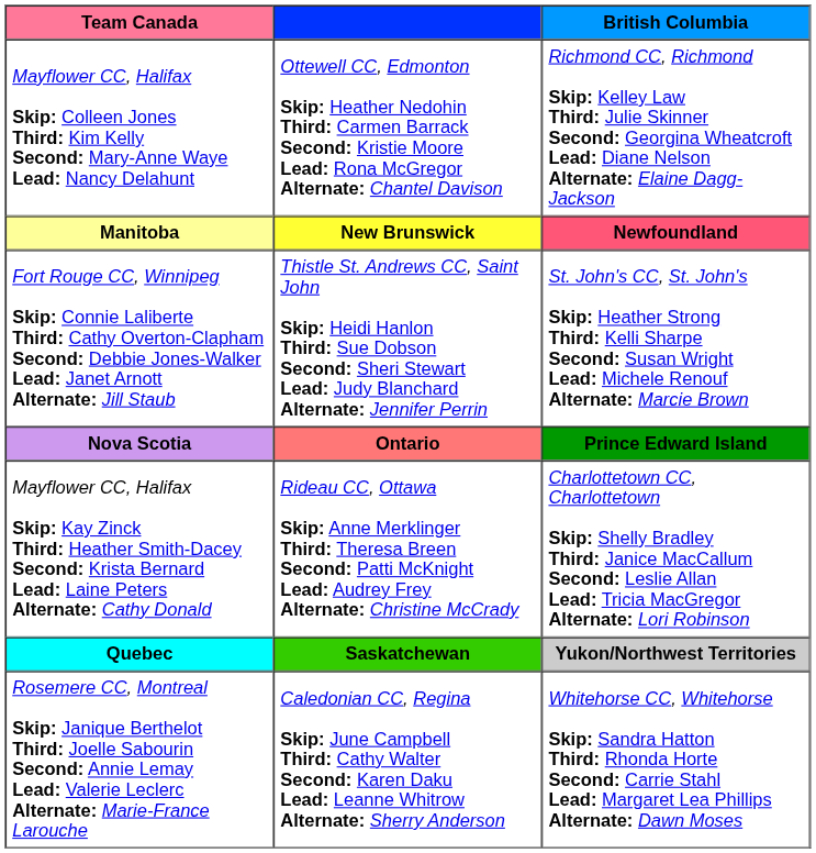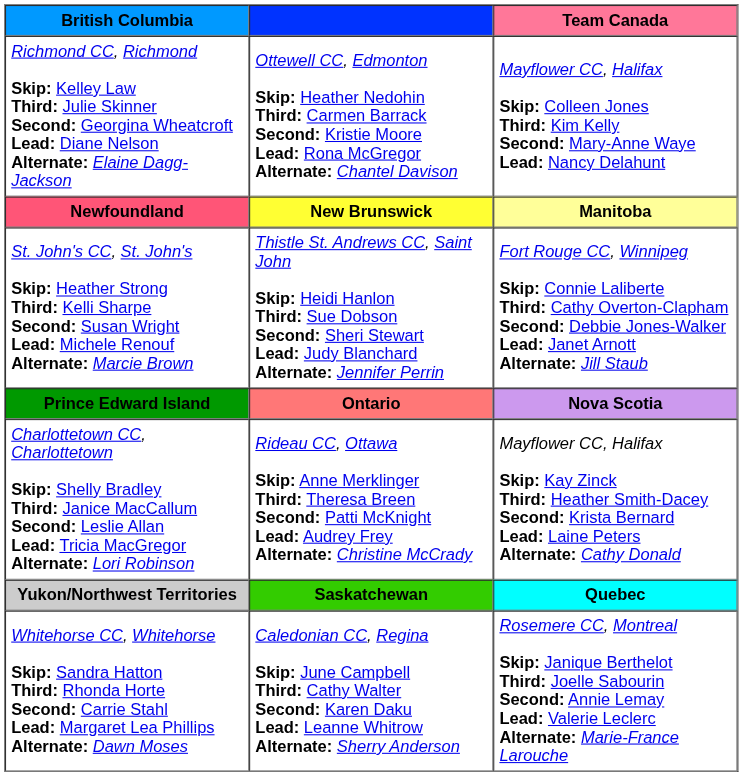 <table border=1 cellpadding=5 cellspacing=0>
 <tr>
+<th bgcolor="#0099ff" width="225">British Columbia</th>
+<th bgcolor="#0033ff" width="225"></th>
 <th bgcolor="#ff7799" width="225">Team Canada</th>
-<th bgcolor="#0033ff" width="225"></th>
-<th bgcolor="#0099ff" width="225">British Columbia</th>
 </tr>
 <tr align=center>
+<td align=left><em><a href='#'>Richmond CC</a>, <a href='#'>Richmond</a></em><br><br><strong>Skip:</strong> <a href='#'>Kelley Law</a><br> <strong>Third:</strong> <a href='#'>Julie Skinner</a><br> <strong>Second:</strong> <a href='#'>Georgina Wheatcroft</a><br> <strong>Lead:</strong> <a href='#'>Diane Nelson</a><br> <strong>Alternate:</strong> <em><a href='#'>Elaine Dagg-Jackson</a></em></td>
+<td align=left><em><a href='#'>Ottewell CC</a>, <a href='#'>Edmonton</a></em><br><br><strong>Skip:</strong> <a href='#'>Heather Nedohin</a><br> <strong>Third:</strong> <a href='#'>Carmen Barrack</a><br> <strong>Second:</strong> <a href='#'>Kristie Moore</a><br> <strong>Lead:</strong> <a href='#'>Rona McGregor</a><br> <strong>Alternate:</strong> <em><a href='#'>Chantel Davison</a></em></td>
 <td align=left><em><a href='#'>Mayflower CC</a>, <a href='#'>Halifax</a></em><br><br><strong>Skip:</strong> <a href='#'>Colleen Jones</a><br> <strong>Third:</strong> <a href='#'>Kim Kelly</a><br> <strong>Second:</strong> <a href='#'>Mary-Anne Waye</a><br> <strong>Lead:</strong> <a href='#'>Nancy Delahunt</a><br></td>
-<td align=left><em><a href='#'>Ottewell CC</a>, <a href='#'>Edmonton</a></em><br><br><strong>Skip:</strong> <a href='#'>Heather Nedohin</a><br> <strong>Third:</strong> <a href='#'>Carmen Barrack</a><br> <strong>Second:</strong> <a href='#'>Kristie Moore</a><br> <strong>Lead:</strong> <a href='#'>Rona McGregor</a><br> <strong>Alternate:</strong> <em><a href='#'>Chantel Davison</a></em></td>
-<td align=left><em><a href='#'>Richmond CC</a>, <a href='#'>Richmond</a></em><br><br><strong>Skip:</strong> <a href='#'>Kelley Law</a><br> <strong>Third:</strong> <a href='#'>Julie Skinner</a><br> <strong>Second:</strong> <a href='#'>Georgina Wheatcroft</a><br> <strong>Lead:</strong> <a href='#'>Diane Nelson</a><br> <strong>Alternate:</strong> <em><a href='#'>Elaine Dagg-Jackson</a></em></td>
 </tr>
 <tr border=1 cellpadding=5 cellspacing=0>
+<th bgcolor="#ff5577" width="200">Newfoundland</th>
+<th bgcolor="#ffff33" width="200">New Brunswick</th>
 <th bgcolor="#ffff99" width="200">Manitoba</th>
-<th bgcolor="#ffff33" width="200">New Brunswick</th>
-<th bgcolor="#ff5577" width="200">Newfoundland</th>
 </tr>
 <tr align=center>
+<td align=left><em><a href='#'>St. John's CC</a>, <a href='#'>St. John's</a></em><br><br><strong>Skip:</strong> <a href='#'>Heather Strong</a><br> <strong>Third:</strong> <a href='#'>Kelli Sharpe</a><br> <strong>Second:</strong> <a href='#'>Susan Wright</a><br> <strong>Lead:</strong> <a href='#'>Michele Renouf</a><br> <strong>Alternate:</strong> <em><a href='#'>Marcie Brown</a></em></td>
+<td align=left><em><a href='#'>Thistle St. Andrews CC</a>, <a href='#'>Saint John</a></em><br><br><strong>Skip:</strong> <a href='#'>Heidi Hanlon</a><br> <strong>Third:</strong> <a href='#'>Sue Dobson</a><br> <strong>Second:</strong> <a href='#'>Sheri Stewart</a><br> <strong>Lead:</strong> <a href='#'>Judy Blanchard</a><br> <strong>Alternate:</strong> <em><a href='#'>Jennifer Perrin</a></em></td>
 <td align=left><em><a href='#'>Fort Rouge CC</a>, <a href='#'>Winnipeg</a></em><br><br><strong>Skip:</strong> <a href='#'>Connie Laliberte</a><br> <strong>Third:</strong> <a href='#'>Cathy Overton-Clapham</a><br> <strong>Second:</strong> <a href='#'>Debbie Jones-Walker</a><br> <strong>Lead:</strong> <a href='#'>Janet Arnott</a><br> <strong>Alternate:</strong> <em><a href='#'>Jill Staub</a></em></td>
-<td align=left><em><a href='#'>Thistle St. Andrews CC</a>, <a href='#'>Saint John</a></em><br><br><strong>Skip:</strong> <a href='#'>Heidi Hanlon</a><br> <strong>Third:</strong> <a href='#'>Sue Dobson</a><br> <strong>Second:</strong> <a href='#'>Sheri Stewart</a><br> <strong>Lead:</strong> <a href='#'>Judy Blanchard</a><br> <strong>Alternate:</strong> <em><a href='#'>Jennifer Perrin</a></em></td>
-<td align=left><em><a href='#'>St. John's CC</a>, <a href='#'>St. John's</a></em><br><br><strong>Skip:</strong> <a href='#'>Heather Strong</a><br> <strong>Third:</strong> <a href='#'>Kelli Sharpe</a><br> <strong>Second:</strong> <a href='#'>Susan Wright</a><br> <strong>Lead:</strong> <a href='#'>Michele Renouf</a><br> <strong>Alternate:</strong> <em><a href='#'>Marcie Brown</a></em></td>
 </tr>
 <tr border=1 cellpadding=5 cellspacing=0>
+<th bgcolor="#009900" width="200">Prince Edward Island</th>
+<th bgcolor="#ff7777" width="200">Ontario</th>
 <th bgcolor="#cc99ee" width="200">Nova Scotia</th>
-<th bgcolor="#ff7777" width="200">Ontario</th>
-<th bgcolor="#009900" width="200">Prince Edward Island</th>
 </tr>
 <tr align=center>
+<td align=left><em><a href='#'>Charlottetown CC</a>, <a href='#'>Charlottetown</a></em><br><br><strong>Skip:</strong> <a href='#'>Shelly Bradley</a><br> <strong>Third:</strong> <a href='#'>Janice MacCallum</a><br> <strong>Second:</strong> <a href='#'>Leslie Allan</a><br> <strong>Lead:</strong> <a href='#'>Tricia MacGregor</a><br> <strong>Alternate:</strong> <em><a href='#'>Lori Robinson</a></em></td>
+<td align=left><em><a href='#'>Rideau CC</a>, <a href='#'>Ottawa</a></em><br><br><strong>Skip:</strong> <a href='#'>Anne Merklinger</a><br> <strong>Third:</strong> <a href='#'>Theresa Breen</a><br> <strong>Second:</strong> <a href='#'>Patti McKnight</a><br> <strong>Lead:</strong> <a href='#'>Audrey Frey</a><br> <strong>Alternate:</strong> <em><a href='#'>Christine McCrady</a></em></td>
 <td align=left><em>Mayflower CC, Halifax</em><br><br><strong>Skip:</strong> <a href='#'>Kay Zinck</a><br> <strong>Third:</strong> <a href='#'>Heather Smith-Dacey</a><br> <strong>Second:</strong> <a href='#'>Krista Bernard</a><br> <strong>Lead:</strong> <a href='#'>Laine Peters</a><br> <strong>Alternate:</strong> <em><a href='#'>Cathy Donald</a></em></td>
-<td align=left><em><a href='#'>Rideau CC</a>, <a href='#'>Ottawa</a></em><br><br><strong>Skip:</strong> <a href='#'>Anne Merklinger</a><br> <strong>Third:</strong> <a href='#'>Theresa Breen</a><br> <strong>Second:</strong> <a href='#'>Patti McKnight</a><br> <strong>Lead:</strong> <a href='#'>Audrey Frey</a><br> <strong>Alternate:</strong> <em><a href='#'>Christine McCrady</a></em></td>
-<td align=left><em><a href='#'>Charlottetown CC</a>, <a href='#'>Charlottetown</a></em><br><br><strong>Skip:</strong> <a href='#'>Shelly Bradley</a><br> <strong>Third:</strong> <a href='#'>Janice MacCallum</a><br> <strong>Second:</strong> <a href='#'>Leslie Allan</a><br> <strong>Lead:</strong> <a href='#'>Tricia MacGregor</a><br> <strong>Alternate:</strong> <em><a href='#'>Lori Robinson</a></em></td>
 </tr>
 <tr border=1 cellpadding=5 cellspacing=0>
+<th bgcolor="#cccccc" width="200">Yukon/Northwest Territories</th>
+<th bgcolor="#33cc00" width="200">Saskatchewan</th>
 <th bgcolor="#00ffff" width="200">Quebec</th>
-<th bgcolor="#33cc00" width="200">Saskatchewan</th>
-<th bgcolor="#cccccc" width="200">Yukon/Northwest Territories</th>
 </tr>
 <tr align=center>
+<td align=left><em><a href='#'>Whitehorse CC</a>, <a href='#'>Whitehorse</a></em><br><br><strong>Skip:</strong> <a href='#'>Sandra Hatton</a><br> <strong>Third:</strong> <a href='#'>Rhonda Horte</a><br> <strong>Second:</strong> <a href='#'>Carrie Stahl</a><br> <strong>Lead:</strong> <a href='#'>Margaret Lea Phillips</a><br> <strong>Alternate:</strong> <em><a href='#'>Dawn Moses</a></em></td>
+<td align=left><em><a href='#'>Caledonian CC</a>, <a href='#'>Regina</a></em><br><br><strong>Skip:</strong> <a href='#'>June Campbell</a><br> <strong>Third:</strong> <a href='#'>Cathy Walter</a><br> <strong>Second:</strong> <a href='#'>Karen Daku</a><br> <strong>Lead:</strong> <a href='#'>Leanne Whitrow</a><br> <strong>Alternate:</strong> <em><a href='#'>Sherry Anderson</a></em></td>
 <td align=left><em><a href='#'>Rosemere CC</a>, <a href='#'>Montreal</a></em><br><br><strong>Skip:</strong> <a href='#'>Janique Berthelot</a><br> <strong>Third:</strong> <a href='#'>Joelle Sabourin</a><br> <strong>Second:</strong> <a href='#'>Annie Lemay</a><br> <strong>Lead:</strong> <a href='#'>Valerie Leclerc</a><br> <strong>Alternate:</strong> <em><a href='#'>Marie-France Larouche</a></em></td>
-<td align=left><em><a href='#'>Caledonian CC</a>, <a href='#'>Regina</a></em><br><br><strong>Skip:</strong> <a href='#'>June Campbell</a><br> <strong>Third:</strong> <a href='#'>Cathy Walter</a><br> <strong>Second:</strong> <a href='#'>Karen Daku</a><br> <strong>Lead:</strong> <a href='#'>Leanne Whitrow</a><br> <strong>Alternate:</strong> <em><a href='#'>Sherry Anderson</a></em></td>
-<td align=left><em><a href='#'>Whitehorse CC</a>, <a href='#'>Whitehorse</a></em><br><br><strong>Skip:</strong> <a href='#'>Sandra Hatton</a><br> <strong>Third:</strong> <a href='#'>Rhonda Horte</a><br> <strong>Second:</strong> <a href='#'>Carrie Stahl</a><br> <strong>Lead:</strong> <a href='#'>Margaret Lea Phillips</a><br> <strong>Alternate:</strong> <em><a href='#'>Dawn Moses</a></em></td>
 </tr>
 </table>
